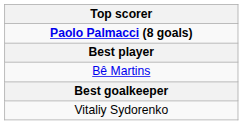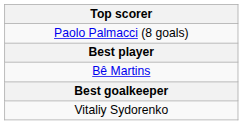 <table class="wikitable" style="margin: 1em auto 1em auto;">
 <tr>
 <th width=300>Top scorer</th>
 </tr>
 <tr align=center style="background:">
-<td style="text-align:center;"><strong> <a href='#'>Paolo Palmacci</a> (8 goals)</strong></td>
+<td style="text-align:center;"> <a href='#'>Paolo Palmacci</a> (8 goals)</td>
 </tr>
 <tr>
 <th>Best player</th>
 </tr>
 <tr>
 <td style="text-align:center;"> <a href='#'>Bê Martins</a></td>
 </tr>
 <tr>
 <th>Best goalkeeper</th>
 </tr>
 <tr>
 <td style="text-align:center;"> Vitaliy Sydorenko</td>
 </tr>
 </table>
